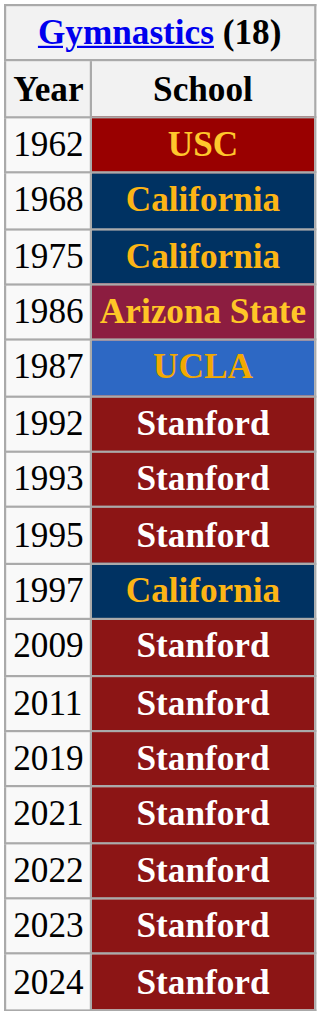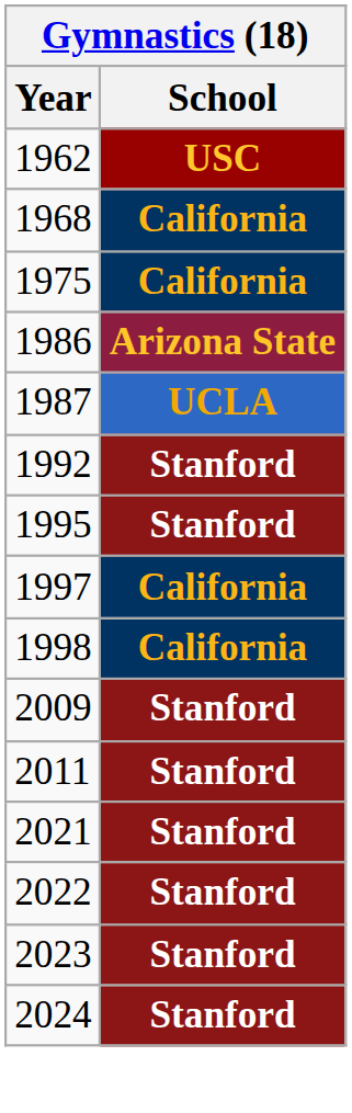 <table class="wikitable">
 <tr>
 <th colspan=2><a href='#'>Gymnastics</a> (18)</th>
 </tr>
 <tr>
 <th>Year</th>
 <th>School</th>
 </tr>
 <tr>
 <td>1962</td>
 <th style="background:#990000; color:#FFC72C;">USC</th>
 </tr>
 <tr>
 <td>1968</td>
 <th style="background:#003262; color:#FDB515;">California</th>
 </tr>
 <tr>
 <td>1975</td>
 <th style="background:#003262; color:#FDB515;">California</th>
 </tr>
 <tr>
 <td>1986</td>
 <th style="background:#8C1D40; color:#FFC627;">Arizona State</th>
 </tr>
 <tr>
 <td>1987</td>
 <th style="background:#2D68C4; color:#F2A900;">UCLA</th>
 </tr>
 <tr>
 <td>1992</td>
 <th style="background:#8C1515; color:#FFFFFF;">Stanford</th>
 </tr>
 <tr>
-<td>1993</td>
-<th style="background:#8C1515; color:#FFFFFF;">Stanford</th>
-</tr>
-<tr>
 <td>1995</td>
 <th style="background:#8C1515; color:#FFFFFF;">Stanford</th>
 </tr>
 <tr>
 <td>1997</td>
 <th style="background:#003262; color:#FDB515;">California</th>
 </tr>
 <tr>
+<td>1998</td>
+<th style="background:#003262; color:#FDB515;">California</th>
+</tr>
+<tr>
 <td>2009</td>
 <th style="background:#8C1515; color:#FFFFFF;">Stanford</th>
 </tr>
 <tr>
 <td>2011</td>
-<th style="background:#8C1515; color:#FFFFFF;">Stanford</th>
-</tr>
-<tr>
-<td>2019</td>
 <th style="background:#8C1515; color:#FFFFFF;">Stanford</th>
 </tr>
 <tr>
 <td>2021</td>
 <th style="background:#8C1515; color:#FFFFFF;">Stanford</th>
 </tr>
 <tr>
 <td>2022</td>
 <th style="background:#8C1515; color:#FFFFFF;">Stanford</th>
 </tr>
 <tr>
 <td>2023</td>
 <th style="background:#8C1515; color:#FFFFFF;">Stanford</th>
 </tr>
 <tr>
 <td>2024</td>
 <th style="background:#8C1515; color:#FFFFFF;">Stanford</th>
 </tr>
 </table>
